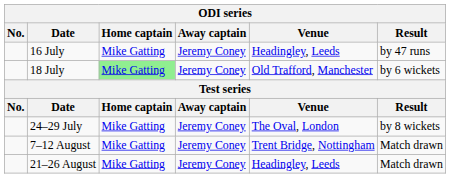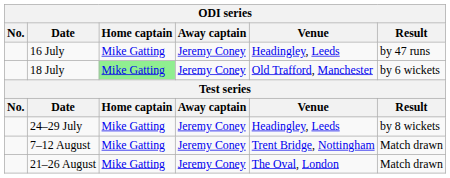 <table class="wikitable">
 <tr>
 <th colspan="9">ODI series</th>
 </tr>
 <tr>
 <th>No.</th>
 <th>Date</th>
 <th>Home captain</th>
 <th>Away captain</th>
 <th>Venue</th>
 <th>Result</th>
 </tr>
 <tr>
 <td></td>
 <td>16 July</td>
 <td><a href='#'>Mike Gatting</a></td>
 <td><a href='#'>Jeremy Coney</a></td>
 <td><a href='#'>Headingley</a>, <a href='#'>Leeds</a></td>
 <td> by 47 runs</td>
 </tr>
 <tr>
 <td></td>
 <td>18 July</td>
 <td style="background: lightgreen;"><a href='#'>Mike Gatting</a></td>
 <td><a href='#'>Jeremy Coney</a></td>
 <td><a href='#'>Old Trafford</a>, <a href='#'>Manchester</a></td>
 <td> by 6 wickets</td>
 </tr>
 <tr>
 <th colspan="9">Test series</th>
 </tr>
 <tr>
 <th>No.</th>
 <th>Date</th>
 <th>Home captain</th>
 <th>Away captain</th>
 <th>Venue</th>
 <th>Result</th>
 </tr>
 <tr>
 <td></td>
 <td>24–29 July</td>
 <td><a href='#'>Mike Gatting</a></td>
 <td><a href='#'>Jeremy Coney</a></td>
-<td><a href='#'>The Oval</a>, <a href='#'>London</a></td>
+<td><a href='#'>Headingley</a>, <a href='#'>Leeds</a></td>
 <td> by 8 wickets</td>
 </tr>
 <tr>
 <td></td>
 <td>7–12 August</td>
 <td><a href='#'>Mike Gatting</a></td>
 <td><a href='#'>Jeremy Coney</a></td>
 <td><a href='#'>Trent Bridge</a>, <a href='#'>Nottingham</a></td>
 <td>Match drawn</td>
 </tr>
 <tr>
 <td></td>
 <td>21–26 August</td>
 <td><a href='#'>Mike Gatting</a></td>
 <td><a href='#'>Jeremy Coney</a></td>
-<td><a href='#'>Headingley</a>, <a href='#'>Leeds</a></td>
+<td><a href='#'>The Oval</a>, <a href='#'>London</a></td>
 <td>Match drawn</td>
 </tr>
 </table>
